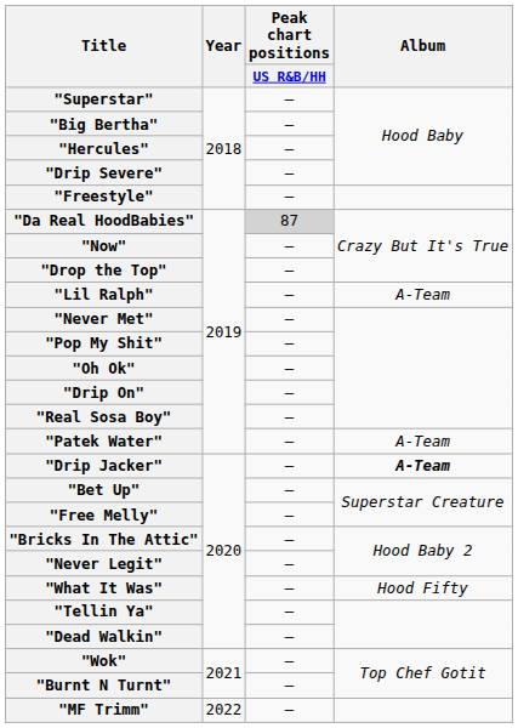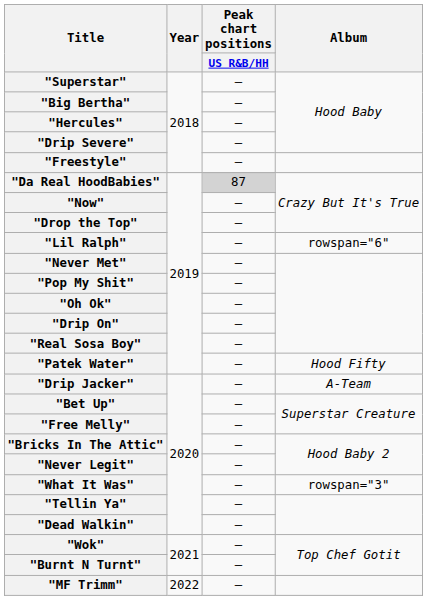 <table class="wikitable plainrowheaders" style="text-align:center;">
 <tr>
 <th scope="col" rowspan="2">Title</th>
 <th scope="col" rowspan="2">Year</th>
 <th>Peak chart positions</th>
 <th scope="col" rowspan="2">Album</th>
 </tr>
 <tr>
 <th scope="col" style="width:3em;font-size:90%;"><a href='#'>US R&B/HH</a><br></th>
 </tr>
 <tr>
 <th scope="row">"Superstar"<br></th>
 <td rowspan="5">2018</td>
 <td>—</td>
 <td rowspan="4"><em>Hood Baby</em></td>
 </tr>
 <tr>
 <th scope="row">"Big Bertha"</th>
 <td>—</td>
 </tr>
 <tr>
 <th scope="row">"Hercules"<br></th>
 <td>—</td>
 </tr>
 <tr>
 <th scope="row">"Drip Severe"</th>
 <td>—</td>
 </tr>
 <tr>
 <th scope="row">"Freestyle"</th>
 <td>—</td>
 <td></td>
 </tr>
 <tr>
 <th scope="row">"Da Real HoodBabies"<br></th>
 <td rowspan="10">2019</td>
 <td style="background: lightgrey;">87</td>
 <td rowspan="3"><em>Crazy But It's True</em></td>
 </tr>
 <tr>
 <th scope="row">"Now"</th>
 <td>—</td>
 </tr>
 <tr>
 <th scope="row">"Drop the Top"<br></th>
 <td>—</td>
 </tr>
 <tr>
 <th scope="row">"Lil Ralph"</th>
 <td>—</td>
-<td><em>A-Team</em></td>
+<td>rowspan="6" </td>
 </tr>
 <tr>
 <th scope="row">"Never Met"</th>
 <td>—</td>
 </tr>
 <tr>
 <th scope="row">"Pop My Shit"<br></th>
 <td>—</td>
 </tr>
 <tr>
 <th scope="row">"Oh Ok"</th>
 <td>—</td>
 </tr>
 <tr>
 <th scope="row">"Drip On"</th>
 <td>—</td>
 </tr>
 <tr>
 <th scope="row">"Real Sosa Boy"</th>
 <td>—</td>
 </tr>
 <tr>
 <th scope="row">"Patek Water"</th>
 <td>—</td>
-<td><em>A-Team</em></td>
+<td><em>Hood Fifty</em></td>
 </tr>
 <tr>
 <th scope="row">"Drip Jacker"</th>
 <td rowspan="8">2020</td>
 <td>—</td>
-<td><strong><em>A-Team</em></strong></td>
+<td><em>A-Team</em></td>
 </tr>
 <tr>
 <th scope="row">"Bet Up"</th>
 <td>—</td>
 <td rowspan="2"><em>Superstar Creature</em></td>
 </tr>
 <tr>
 <th scope="row">"Free Melly"<br></th>
 <td>—</td>
 </tr>
 <tr>
 <th scope="row">"Bricks In The Attic"</th>
 <td>—</td>
 <td rowspan="2"><em>Hood Baby 2</em></td>
 </tr>
 <tr>
 <th scope="row">"Never Legit"</th>
 <td>—</td>
 </tr>
 <tr>
 <th scope="row">"What It Was"<br></th>
 <td>—</td>
-<td><em>Hood Fifty</em></td>
+<td>rowspan="3" </td>
 </tr>
 <tr>
 <th scope="row">"Tellin Ya" <br></th>
 <td>—</td>
 </tr>
 <tr>
 <th scope="row">"Dead Walkin" </th>
 <td>—</td>
 </tr>
 <tr>
 <th scope="row">"Wok"</th>
 <td rowspan="2">2021</td>
 <td>—</td>
 <td rowspan="2"><em>Top Chef Gotit</em></td>
 </tr>
 <tr>
 <th scope="row">"Burnt N Turnt"<br></th>
 <td>—</td>
 </tr>
 <tr>
 <th scope="row">"MF Trimm"</th>
 <td>2022</td>
 <td>—</td>
 <td></td>
 </tr>
 </table>
